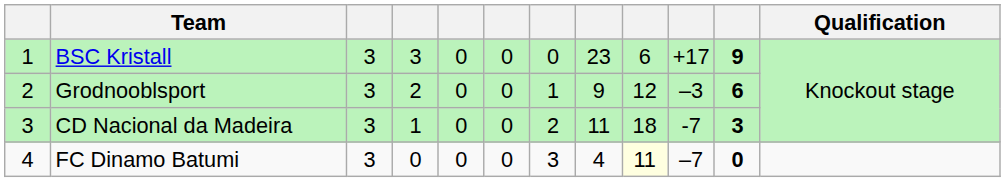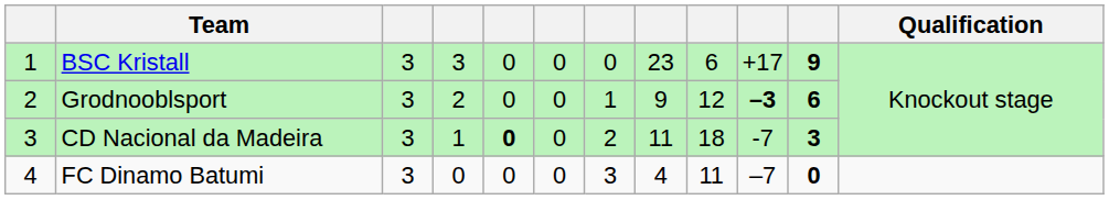 <table class="wikitable" style="font-size: 95%">
 <tr>
 <th width="25"></th>
 <th width="200">Team</th>
 <th width="25"></th>
 <th width="25"></th>
 <th width="25"></th>
 <th width="25"></th>
 <th width="25"></th>
 <th width="25"></th>
 <th width="25"></th>
 <th width="25"></th>
 <th width="25"></th>
 <th width="160">Qualification</th>
 </tr>
 <tr align=center bgcolor=#bbf3bb>
 <td>1</td>
 <td align=left> <a href='#'>BSC Kristall</a></td>
 <td>3</td>
 <td>3</td>
 <td>0</td>
 <td>0</td>
 <td>0</td>
 <td>23</td>
 <td>6</td>
 <td>+17</td>
 <td><strong>9</strong></td>
 <td rowspan=3>Knockout stage</td>
 </tr>
 <tr align=center bgcolor=#bbf3bb>
 <td>2</td>
 <td align=left> Grodnooblsport</td>
 <td>3</td>
 <td>2</td>
 <td>0</td>
 <td>0</td>
 <td>1</td>
 <td>9</td>
 <td>12</td>
-<td>–3</td>
+<td><strong>–3</strong></td>
 <td><strong>6</strong></td>
 </tr>
 <tr align=center bgcolor=#bbf3bb>
 <td>3</td>
 <td align=left> CD Nacional da Madeira</td>
 <td>3</td>
 <td>1</td>
-<td>0</td>
+<td><strong>0</strong></td>
 <td>0</td>
 <td>2</td>
 <td>11</td>
 <td>18</td>
 <td>-7</td>
 <td><strong>3</strong></td>
 </tr>
 <tr align=center>
 <td>4</td>
 <td align=left> FC Dinamo Batumi</td>
 <td>3</td>
 <td>0</td>
 <td>0</td>
 <td>0</td>
 <td>3</td>
 <td>4</td>
-<td style="background: lightyellow;">11</td>
+<td>11</td>
 <td>–7</td>
 <td><strong>0</strong></td>
 <td></td>
 </tr>
 </table>
